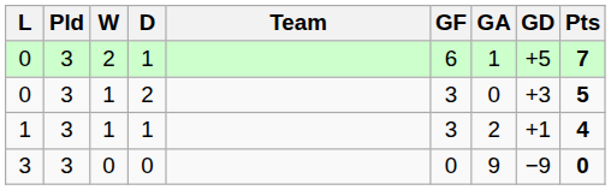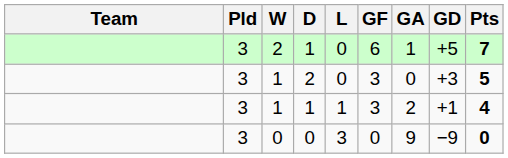 <table class="wikitable" style="text-align:center;">
 <tr>
-<th width=20>L</th>
+<th width=180>Team</th>
 <th width=20>Pld</th>
 <th width=20>W</th>
 <th width=20>D</th>
-<th width=180>Team</th>
+<th width=20>L</th>
 <th width=20>GF</th>
 <th width=20>GA</th>
 <th width=20>GD</th>
 <th width=20>Pts</th>
 </tr>
 <tr style="background:#cfc;">
-<td>0</td>
+<td align="left"><em></em></td>
 <td>3</td>
 <td>2</td>
 <td>1</td>
-<td align="left"><em></em></td>
+<td>0</td>
 <td>6</td>
 <td>1</td>
 <td>+5</td>
 <td><strong>7</strong></td>
 </tr>
 <tr>
-<td>0</td>
+<td align="left"></td>
 <td>3</td>
 <td>1</td>
 <td>2</td>
-<td align="left"></td>
+<td>0</td>
 <td>3</td>
 <td>0</td>
 <td>+3</td>
 <td><strong>5</strong></td>
 </tr>
 <tr>
-<td>1</td>
+<td align="left"></td>
 <td>3</td>
 <td>1</td>
 <td>1</td>
-<td align="left"></td>
+<td>1</td>
 <td>3</td>
 <td>2</td>
 <td>+1</td>
 <td><strong>4</strong></td>
 </tr>
 <tr>
-<td>3</td>
+<td align="left"></td>
 <td>3</td>
 <td>0</td>
 <td>0</td>
-<td align="left"></td>
+<td>3</td>
 <td>0</td>
 <td>9</td>
 <td>−9</td>
 <td><strong>0</strong></td>
 </tr>
 </table>
